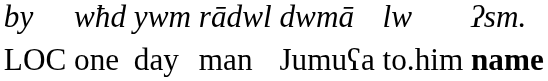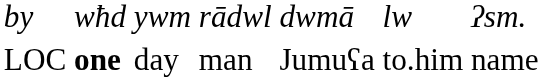 <table>
 <tr>
 <td><em>by</em></td>
 <td><em>wħd</em></td>
 <td><em>ywm</em></td>
 <td><em>rādwl</em></td>
 <td><em>dwmā</em></td>
 <td><em>lw</em></td>
 <td><em>ʔsm. </em></td>
 </tr>
 <tr>
 <td>LOC</td>
-<td>one</td>
+<td><strong>one</strong></td>
 <td>day</td>
 <td>man</td>
 <td>Jumuʕa</td>
 <td>to.him</td>
-<td><strong>name</strong></td>
+<td>name</td>
 </tr>
 </table>
